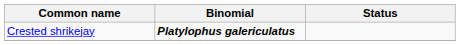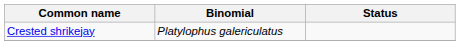 <table width=72% class="wikitable">
 <tr>
 <th width=24%>Common name</th>
 <th width=24%>Binomial</th>
 <th width=24%>Status</th>
 </tr>
 <tr>
 <td><a href='#'>Crested shrikejay</a></td>
-<td><strong><em>Platylophus galericulatus</em></strong></td>
+<td><em>Platylophus galericulatus</em></td>
 <td></td>
 </tr>
 <tr>
 </tr>
 </table>
